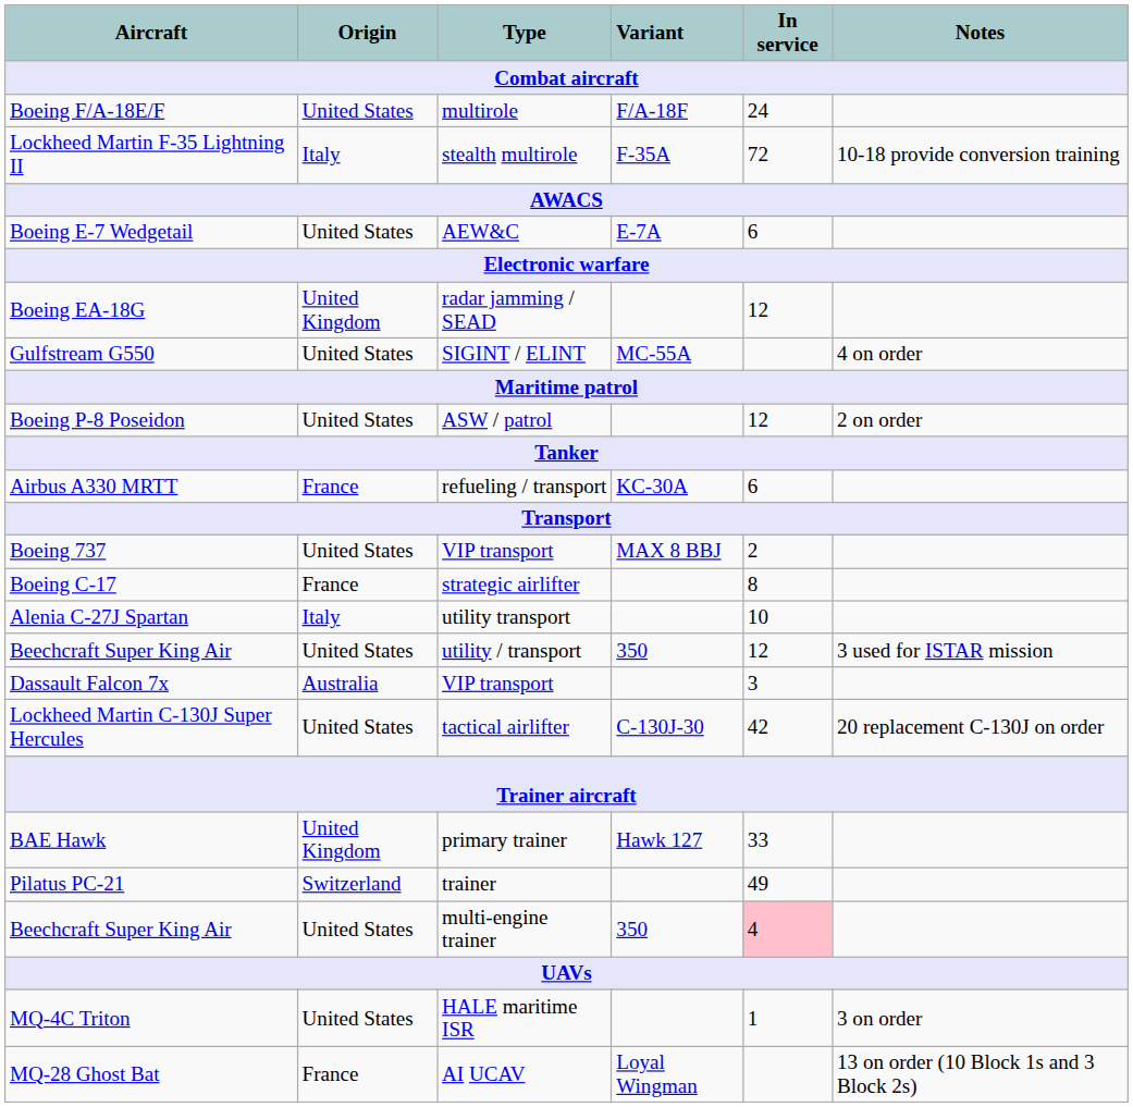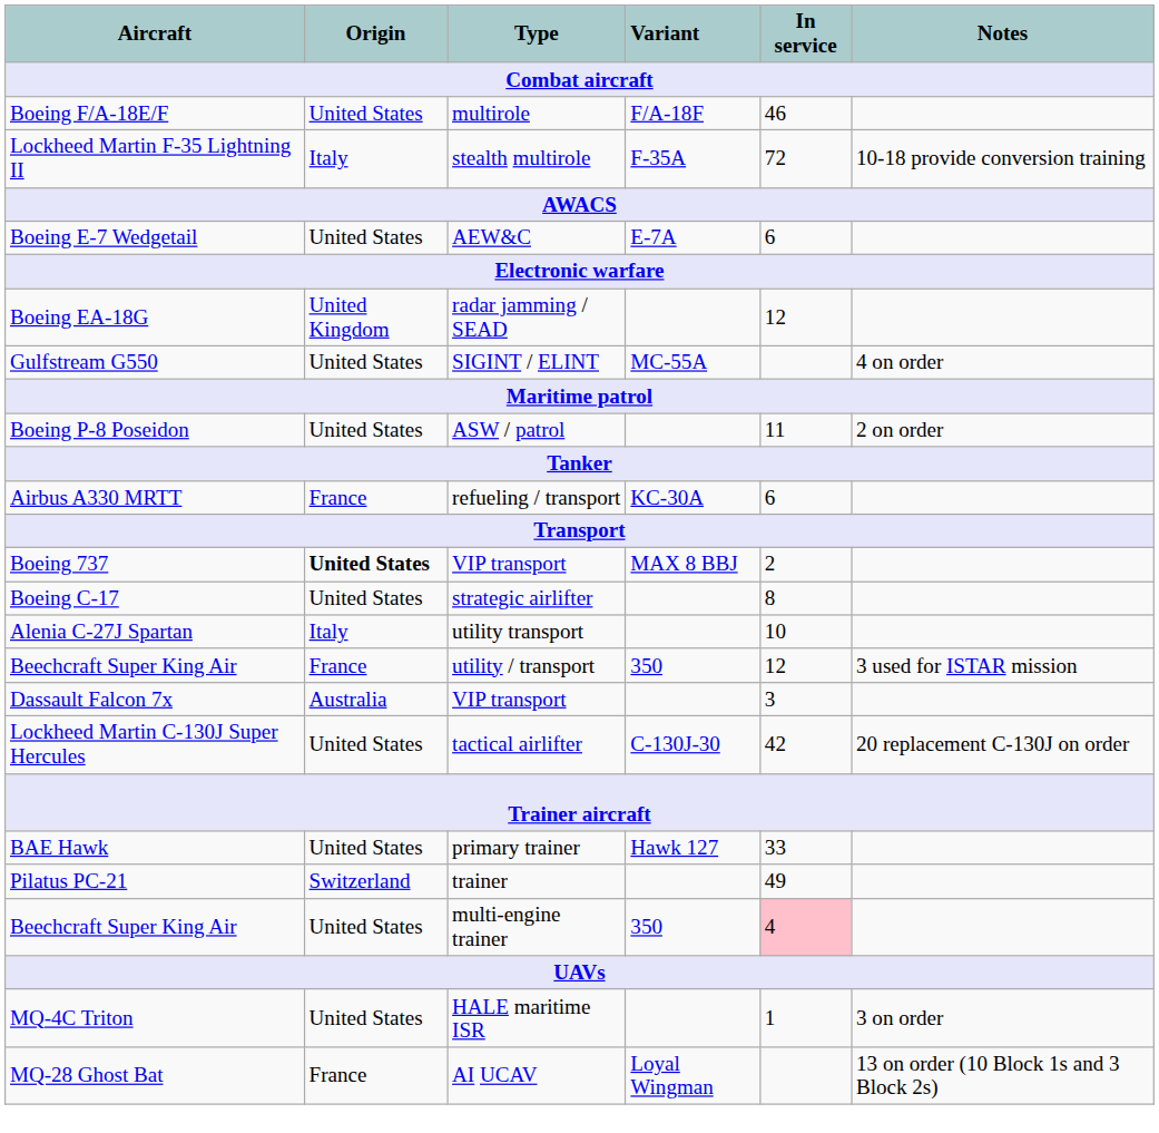 <table class="wikitable">
 <tr>
 <th style="text-align:center; background:#acc;">Aircraft</th>
 <th style="text-align: center; background:#acc;">Origin</th>
 <th style="text-align:l center; background:#acc;">Type</th>
 <th style="text-align:left; background:#acc;">Variant</th>
 <th style="text-align:center; background:#acc;">In service</th>
 <th style="text-align: center; background:#acc;">Notes</th>
 </tr>
 <tr>
 <th style="align: center; background: lavender;" colspan="6"><a href='#'>Combat aircraft</a></th>
 </tr>
 <tr>
 <td><a href='#'>Boeing F/A-18E/F</a></td>
 <td><a href='#'>United States</a></td>
 <td><a href='#'>multirole</a></td>
 <td><a href='#'>F/A-18F</a></td>
-<td>24</td>
+<td>46</td>
 <td></td>
 </tr>
 <tr>
 <td><a href='#'>Lockheed Martin F-35 Lightning II</a></td>
 <td><a href='#'>Italy</a></td>
 <td><a href='#'>stealth</a> <a href='#'>multirole</a></td>
 <td><a href='#'>F-35A</a></td>
 <td>72</td>
 <td>10-18 provide conversion training</td>
 </tr>
 <tr>
 <th style="align: center; background: lavender;" colspan="6"><a href='#'>AWACS</a></th>
 </tr>
 <tr>
 <td><a href='#'>Boeing E-7 Wedgetail</a></td>
 <td>United States</td>
 <td><a href='#'>AEW&C</a></td>
 <td><a href='#'>E-7A</a></td>
 <td>6</td>
 <td></td>
 </tr>
 <tr>
 <th style="align: center; background: lavender;" colspan="6"><a href='#'>Electronic warfare</a></th>
 </tr>
 <tr>
 <td><a href='#'>Boeing EA-18G</a></td>
 <td><a href='#'>United Kingdom</a></td>
 <td><a href='#'>radar jamming</a> / <a href='#'>SEAD</a></td>
 <td></td>
 <td>12</td>
 <td></td>
 </tr>
 <tr>
 <td><a href='#'>Gulfstream G550</a></td>
 <td>United States</td>
 <td><a href='#'>SIGINT</a> / <a href='#'>ELINT</a></td>
 <td><a href='#'>MC-55A</a></td>
 <td></td>
 <td>4 on order</td>
 </tr>
 <tr>
 <th style="align: center; background: lavender;" colspan="6"><a href='#'>Maritime patrol</a></th>
 </tr>
 <tr>
 <td><a href='#'>Boeing P-8 Poseidon</a></td>
 <td>United States</td>
 <td><a href='#'>ASW</a> / <a href='#'>patrol</a></td>
 <td></td>
-<td>12</td>
+<td>11</td>
 <td>2 on order</td>
 </tr>
 <tr>
 <th style="align: center; background: lavender;" colspan="6"><a href='#'>Tanker</a></th>
 </tr>
 <tr>
 <td><a href='#'>Airbus A330 MRTT</a></td>
 <td><a href='#'>France</a></td>
 <td>refueling / transport</td>
 <td><a href='#'>KC-30A</a></td>
 <td>6</td>
 <td></td>
 </tr>
 <tr>
 <th style="align: center; background: lavender;" colspan="6"><a href='#'>Transport</a></th>
 </tr>
 <tr>
 <td><a href='#'>Boeing 737</a></td>
-<td>United States</td>
+<td><strong>United States</strong></td>
 <td><a href='#'>VIP transport</a></td>
 <td><a href='#'>MAX 8 BBJ</a></td>
 <td>2</td>
 <td></td>
 </tr>
 <tr>
 <td><a href='#'>Boeing C-17</a></td>
-<td>France</td>
+<td>United States</td>
 <td><a href='#'>strategic airlifter</a></td>
 <td></td>
 <td>8</td>
 <td></td>
 </tr>
 <tr>
 <td><a href='#'>Alenia C-27J Spartan</a></td>
 <td><a href='#'>Italy</a></td>
 <td>utility transport</td>
 <td></td>
 <td>10</td>
 <td></td>
 </tr>
 <tr>
 <td><a href='#'>Beechcraft Super King Air</a></td>
-<td>United States</td>
+<td><a href='#'>France</a></td>
 <td><a href='#'>utility</a> / transport</td>
 <td><a href='#'>350</a></td>
 <td>12</td>
 <td>3 used for <a href='#'>ISTAR</a> mission</td>
 </tr>
 <tr>
 <td><a href='#'>Dassault Falcon 7x</a></td>
 <td><a href='#'>Australia</a></td>
 <td><a href='#'>VIP transport</a></td>
 <td></td>
 <td>3</td>
 <td></td>
 </tr>
 <tr>
 <td><a href='#'>Lockheed Martin C-130J Super Hercules</a></td>
 <td>United States</td>
 <td><a href='#'>tactical airlifter</a></td>
 <td><a href='#'>C-130J-30</a></td>
 <td>42</td>
 <td>20 replacement C-130J on order</td>
 </tr>
 <tr>
 <th style="align: center; background: lavender;" colspan="6"><br><a href='#'>Trainer aircraft</a></th>
 </tr>
 <tr>
 <td><a href='#'>BAE Hawk</a></td>
-<td><a href='#'>United Kingdom</a></td>
+<td>United States</td>
 <td>primary trainer</td>
 <td><a href='#'>Hawk 127</a></td>
 <td>33</td>
 <td></td>
 </tr>
 <tr>
 <td><a href='#'>Pilatus PC-21</a></td>
 <td><a href='#'>Switzerland</a></td>
 <td>trainer</td>
 <td></td>
 <td>49</td>
 <td></td>
 </tr>
 <tr>
 <td><a href='#'>Beechcraft Super King Air</a></td>
 <td>United States</td>
 <td>multi-engine trainer</td>
 <td><a href='#'>350</a></td>
 <td style="background: pink;">4</td>
 <td></td>
 </tr>
 <tr>
 <th style="align: center; background: lavender;" colspan="6"><a href='#'>UAVs</a></th>
 </tr>
 <tr>
 <td><a href='#'>MQ-4C Triton</a></td>
 <td>United States</td>
 <td><a href='#'>HALE</a> maritime <a href='#'>ISR</a></td>
 <td></td>
 <td>1</td>
 <td>3 on order</td>
 </tr>
 <tr>
 <td><a href='#'>MQ-28 Ghost Bat</a></td>
 <td>France</td>
 <td><a href='#'>AI</a> <a href='#'>UCAV</a></td>
 <td><a href='#'>Loyal Wingman</a></td>
 <td></td>
 <td>13 on order (10 Block 1s and 3 Block 2s)</td>
 </tr>
 </table>
